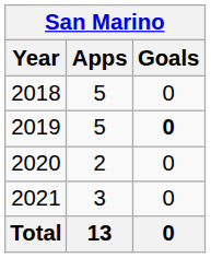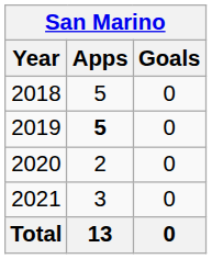 <table class="wikitable" style="text-align:center">
 <tr>
 <th colspan=3><a href='#'>San Marino</a></th>
 </tr>
 <tr>
 <th>Year</th>
 <th>Apps</th>
 <th>Goals</th>
 </tr>
 <tr>
 <td>2018</td>
 <td>5</td>
 <td>0</td>
 </tr>
 <tr>
 <td>2019</td>
-<td>5</td>
-<td><strong>0</strong></td>
+<td><strong>5</strong></td>
+<td>0</td>
 </tr>
 <tr>
 <td>2020</td>
 <td>2</td>
 <td>0</td>
 </tr>
 <tr>
 <td>2021</td>
 <td>3</td>
 <td>0</td>
 </tr>
 <tr>
 <th>Total</th>
 <th>13</th>
 <th>0</th>
 </tr>
 </table>
